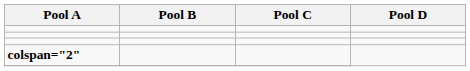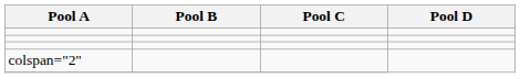 <table class="wikitable" width=550>
 <tr>
 <th width=25%>Pool A</th>
 <th width=25%>Pool B</th>
 <th width=25%>Pool C</th>
 <th width=25%>Pool D</th>
 </tr>
 <tr>
 <td></td>
 <td></td>
 <td></td>
 <td></td>
 </tr>
 <tr>
 <td></td>
 <td></td>
 <td></td>
 <td></td>
 </tr>
 <tr>
 <td></td>
 <td></td>
 <td></td>
 <td></td>
 </tr>
 <tr>
-<td><strong>colspan="2" </strong></td>
+<td>colspan="2" </td>
 <td></td>
 <td></td>
 </tr>
 <tr>
 </tr>
 </table>
